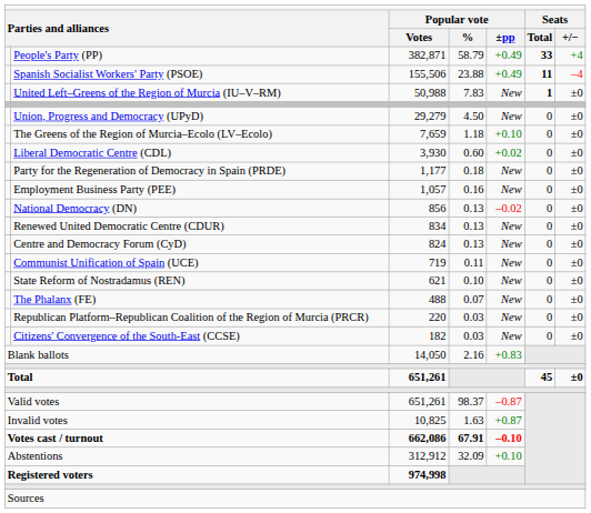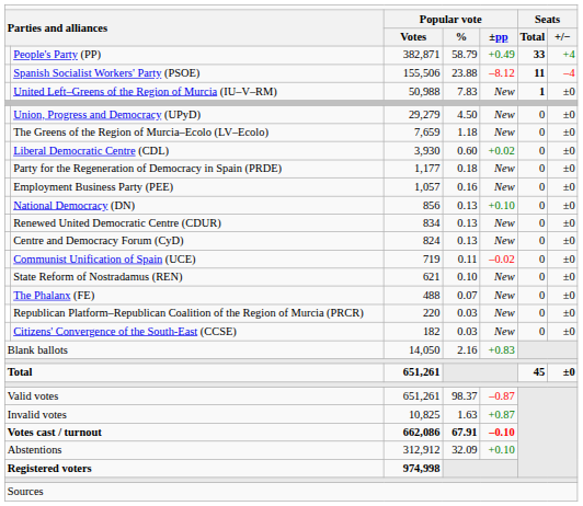 <table class="wikitable" style="text-align:right;">
 <tr>
 <td colspan="7"></td>
 </tr>
 <tr>
 <th style="text-align:left;" rowspan="2" colspan="2" width="525">Parties and alliances</th>
 <th colspan="3">Popular vote</th>
 <th colspan="2">Seats</th>
 </tr>
 <tr>
 <th width="75">Votes</th>
 <th width="45">%</th>
 <th width="45">±<a href='#'>pp</a></th>
 <th width="35">Total</th>
 <th width="35">+/−</th>
 </tr>
 <tr>
 <td width="1" style="color:inherit;background:"></td>
 <td align="left"><a href='#'>People's Party</a> (PP)</td>
 <td>382,871</td>
 <td>58.79</td>
 <td style="color:green;">+0.49</td>
 <td><strong>33</strong></td>
 <td style="color:green;">+4</td>
 </tr>
 <tr>
 <td style="color:inherit;background:"></td>
 <td align="left"><a href='#'>Spanish Socialist Workers' Party</a> (PSOE)</td>
 <td>155,506</td>
 <td>23.88</td>
-<td style="color:green;">+0.49</td>
+<td style="color:red;">–8.12</td>
 <td><strong>11</strong></td>
 <td style="color:red;">–4</td>
 </tr>
 <tr>
 <td style="color:inherit;background:"></td>
 <td align="left"><a href='#'>United Left–Greens of the Region of Murcia</a> (IU–V–RM)</td>
 <td>50,988</td>
 <td>7.83</td>
 <td><em>New</em></td>
 <td><strong>1</strong></td>
 <td>±0</td>
 </tr>
 <tr>
 <td colspan="7" bgcolor="#C0C0C0"></td>
 </tr>
 <tr>
 <td style="color:inherit;background:"></td>
 <td align="left"><a href='#'>Union, Progress and Democracy</a> (UPyD)</td>
 <td>29,279</td>
 <td>4.50</td>
 <td><em>New</em></td>
 <td>0</td>
 <td>±0</td>
 </tr>
 <tr>
 <td style="color:inherit;background:"></td>
 <td align="left">The Greens of the Region of Murcia–Ecolo (LV–Ecolo)</td>
 <td>7,659</td>
 <td>1.18</td>
-<td style="color:green;">+0.10</td>
+<td><em>New</em></td>
 <td>0</td>
 <td>±0</td>
 </tr>
 <tr>
 <td style="color:inherit;background:"></td>
 <td align="left"><a href='#'>Liberal Democratic Centre</a> (CDL)</td>
 <td>3,930</td>
 <td>0.60</td>
 <td style="color:green;">+0.02</td>
 <td>0</td>
 <td>±0</td>
 </tr>
 <tr>
 <td style="color:inherit;background:"></td>
 <td align="left">Party for the Regeneration of Democracy in Spain (PRDE)</td>
 <td>1,177</td>
 <td>0.18</td>
 <td><em>New</em></td>
 <td>0</td>
 <td>±0</td>
 </tr>
 <tr>
 <td style="color:inherit;background:"></td>
 <td align="left">Employment Business Party (PEE)</td>
 <td>1,057</td>
 <td>0.16</td>
 <td><em>New</em></td>
 <td>0</td>
 <td>±0</td>
 </tr>
 <tr>
 <td style="color:inherit;background:"></td>
 <td align="left"><a href='#'>National Democracy</a> (DN)</td>
 <td>856</td>
 <td>0.13</td>
-<td style="color:red;">–0.02</td>
+<td style="color:green;">+0.10</td>
 <td>0</td>
 <td>±0</td>
 </tr>
 <tr>
 <td style="color:inherit;background:"></td>
 <td align="left">Renewed United Democratic Centre (CDUR)</td>
 <td>834</td>
 <td>0.13</td>
 <td><em>New</em></td>
 <td>0</td>
 <td>±0</td>
 </tr>
 <tr>
 <td style="color:inherit;background:"></td>
 <td align="left">Centre and Democracy Forum (CyD)</td>
 <td>824</td>
 <td>0.13</td>
 <td><em>New</em></td>
 <td>0</td>
 <td>±0</td>
 </tr>
 <tr>
 <td style="color:inherit;background:"></td>
 <td align="left"><a href='#'>Communist Unification of Spain</a> (UCE)</td>
 <td>719</td>
 <td>0.11</td>
-<td><em>New</em></td>
+<td style="color:red;">–0.02</td>
 <td>0</td>
 <td>±0</td>
 </tr>
 <tr>
 <td style="color:inherit;background:"></td>
 <td align="left">State Reform of Nostradamus (REN)</td>
 <td>621</td>
 <td>0.10</td>
 <td><em>New</em></td>
 <td>0</td>
 <td>±0</td>
 </tr>
 <tr>
 <td style="color:inherit;background:"></td>
 <td align="left"><a href='#'>The Phalanx</a> (FE)</td>
 <td>488</td>
 <td>0.07</td>
 <td><em>New</em></td>
 <td>0</td>
 <td>±0</td>
 </tr>
 <tr>
 <td bgcolor="white"></td>
 <td align="left">Republican Platform–Republican Coalition of the Region of Murcia (PRCR)</td>
 <td>220</td>
 <td>0.03</td>
 <td><em>New</em></td>
 <td>0</td>
 <td>±0</td>
 </tr>
 <tr>
 <td style="color:inherit;background:"></td>
 <td align="left"><a href='#'>Citizens' Convergence of the South-East</a> (CCSE)</td>
 <td>182</td>
 <td>0.03</td>
 <td><em>New</em></td>
 <td>0</td>
 <td>±0</td>
 </tr>
 <tr>
 <td align="left" colspan="2">Blank ballots</td>
 <td>14,050</td>
 <td>2.16</td>
 <td style="color:green;">+0.83</td>
 <td bgcolor="#E9E9E9" colspan="2"></td>
 </tr>
 <tr>
 <td colspan="7" bgcolor="#E9E9E9"></td>
 </tr>
 <tr style="font-weight:bold;">
 <td align="left" colspan="2">Total</td>
 <td>651,261</td>
 <td bgcolor="#E9E9E9" colspan="2"></td>
 <td>45</td>
 <td>±0</td>
 </tr>
 <tr>
 <td colspan="7" bgcolor="#E9E9E9"></td>
 </tr>
 <tr>
 <td align="left" colspan="2">Valid votes</td>
 <td>651,261</td>
 <td>98.37</td>
 <td style="color:red;">–0.87</td>
 <td bgcolor="#E9E9E9" colspan="2" rowspan="5"></td>
 </tr>
 <tr>
 <td align="left" colspan="2">Invalid votes</td>
 <td>10,825</td>
 <td>1.63</td>
 <td style="color:green;">+0.87</td>
 </tr>
 <tr style="font-weight:bold;">
 <td align="left" colspan="2">Votes cast / turnout</td>
 <td>662,086</td>
 <td>67.91</td>
 <td style="color:red;">–0.10</td>
 </tr>
 <tr>
 <td align="left" colspan="2">Abstentions</td>
 <td>312,912</td>
 <td>32.09</td>
 <td style="color:green;">+0.10</td>
 </tr>
 <tr style="font-weight:bold;">
 <td align="left" colspan="2">Registered voters</td>
 <td>974,998</td>
 <td bgcolor="#E9E9E9" colspan="2"></td>
 </tr>
 <tr>
 <td colspan="7" bgcolor="#E9E9E9"></td>
 </tr>
 <tr>
 <td align="left" colspan="7">Sources</td>
 </tr>
 </table>
